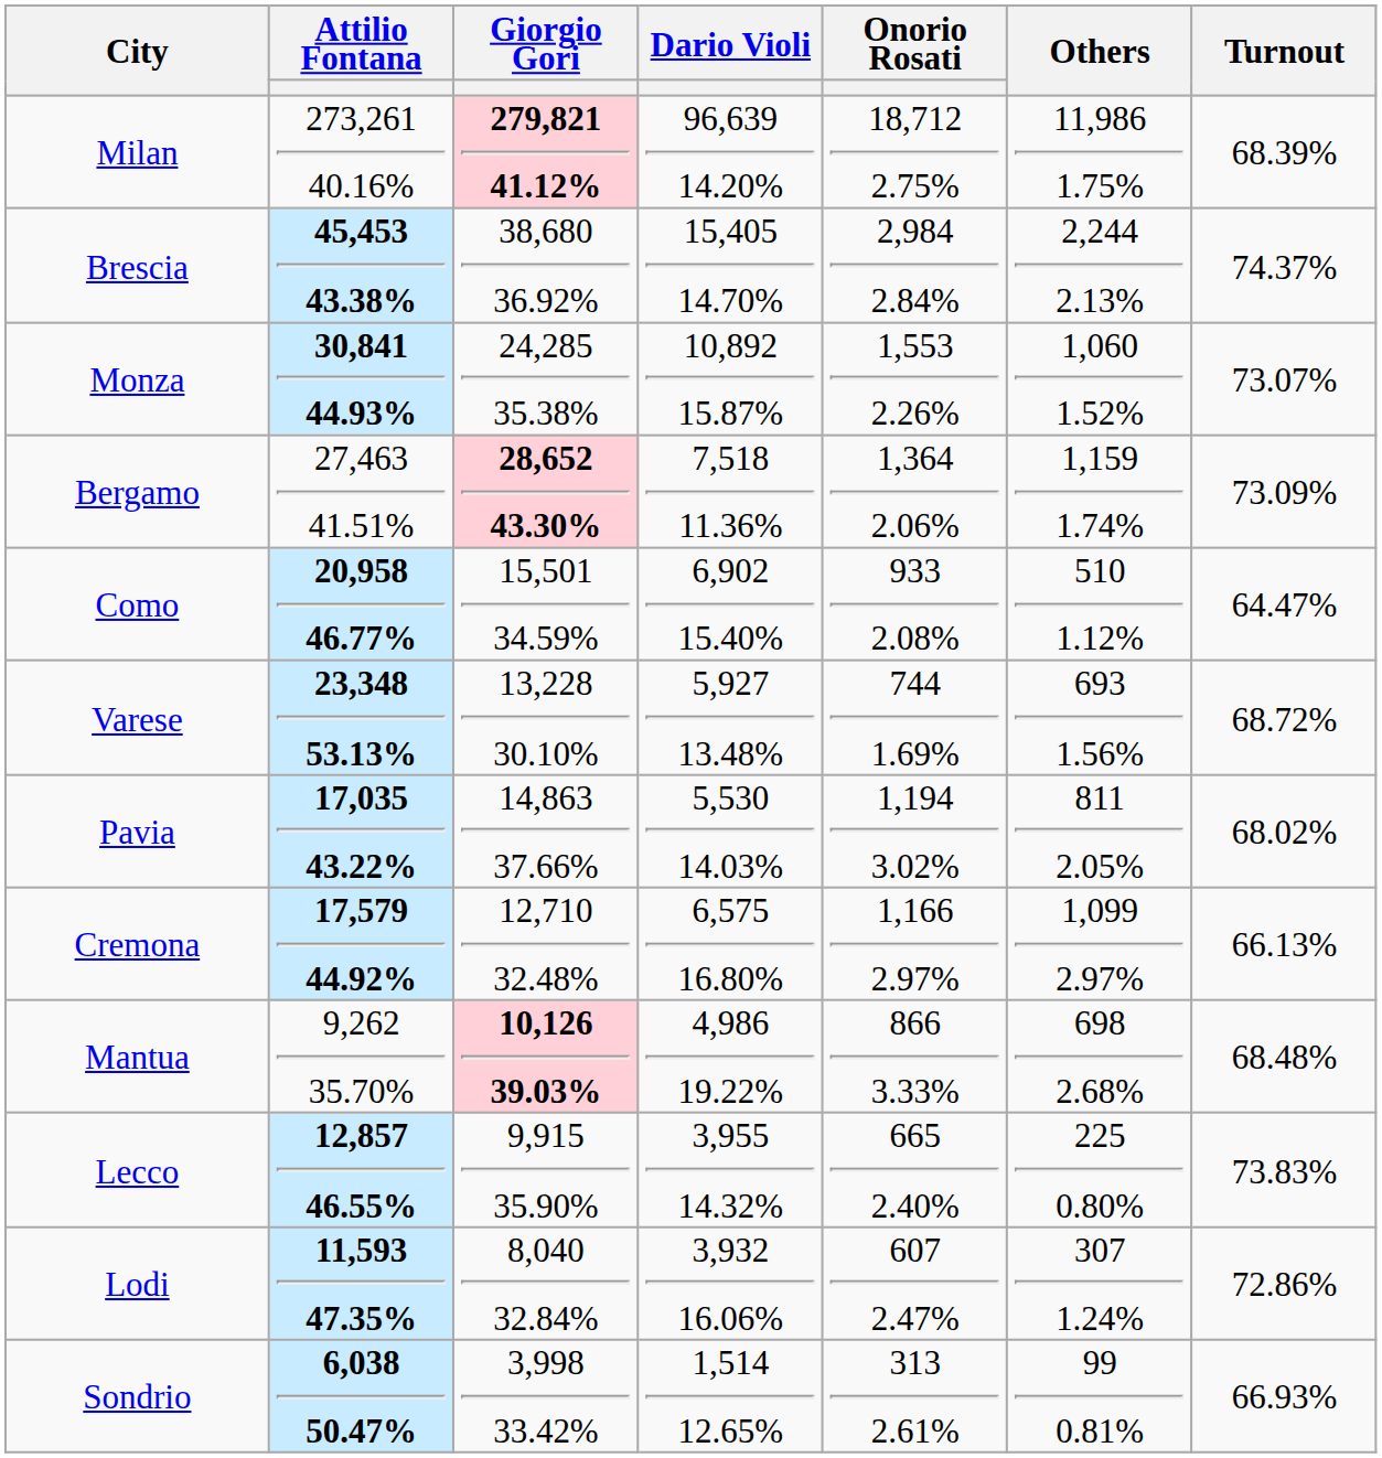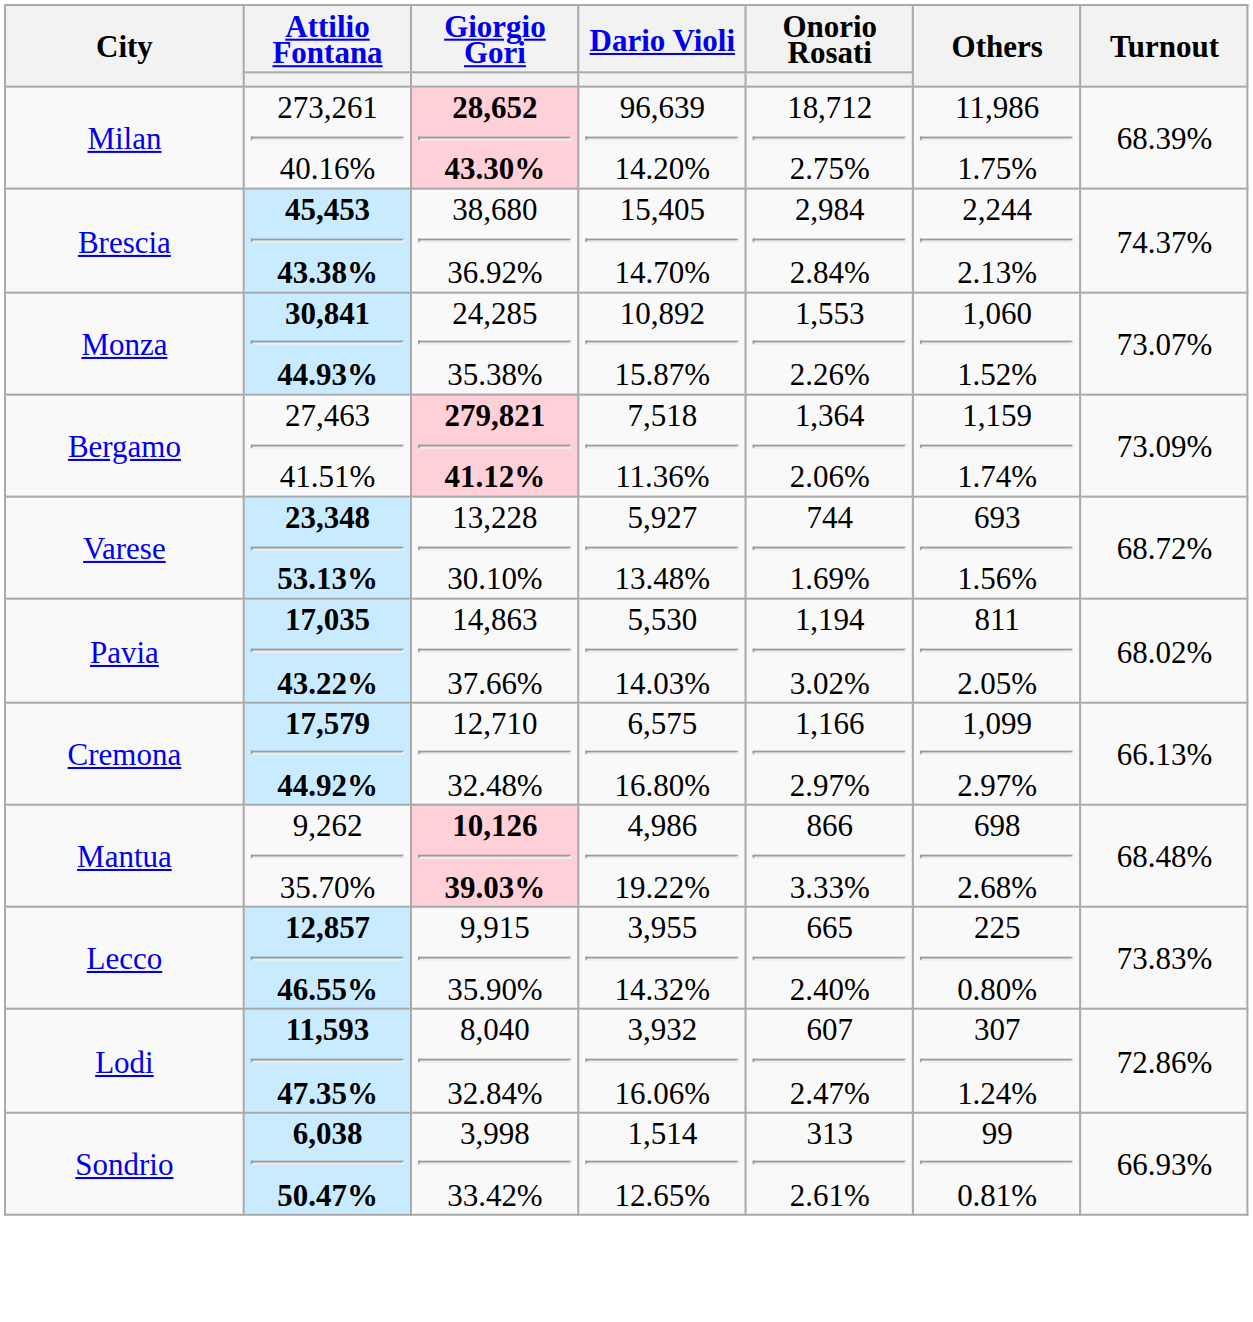 <table class="wikitable" style="text-align:center;font-size:95%;line-height:13px">
 <tr style="height:30px; background-color:#E9E9E9">
 <th style="width:110px;" rowspan="2">City</th>
 <th style="width:75px;"><a href='#'>Attilio Fontana</a></th>
 <th style="width:75px;"><a href='#'>Giorgio Gori</a></th>
 <th style="width:75px;"><a href='#'>Dario Violi</a></th>
 <th style="width:75px;">Onorio Rosati</th>
 <th rowspan="2" style="width:75px;">Others</th>
 <th rowspan="2" style="width:75px;">Turnout</th>
 </tr>
 <tr>
 <th style="background:"></th>
 <th style="background:"></th>
 <th style="background:"></th>
 <th style="background:"></th>
 </tr>
 <tr>
 <td><a href='#'>Milan</a></td>
 <td>273,261 <hr>40.16%</td>
-<td style="background:#FFD0D7"><strong>279,821 <hr>41.12%</strong></td>
+<td style="background:#FFD0D7"><strong>28,652 <hr>43.30%</strong></td>
 <td>96,639 <hr>14.20%</td>
 <td>18,712 <hr>2.75%</td>
 <td>11,986 <hr>1.75%</td>
 <td>68.39%</td>
 </tr>
 <tr>
 <td><a href='#'>Brescia</a></td>
 <td style="background:#C8EBFF"><strong>45,453 <hr>43.38%</strong></td>
 <td>38,680 <hr>36.92%</td>
 <td>15,405 <hr>14.70%</td>
 <td>2,984 <hr>2.84%</td>
 <td>2,244 <hr>2.13%</td>
 <td>74.37%</td>
 </tr>
 <tr>
 <td><a href='#'>Monza</a></td>
 <td style="background:#C8EBFF"><strong>30,841 <hr>44.93%</strong></td>
 <td>24,285 <hr>35.38%</td>
 <td>10,892 <hr>15.87%</td>
 <td>1,553 <hr>2.26%</td>
 <td>1,060 <hr>1.52%</td>
 <td>73.07%</td>
 </tr>
 <tr>
 <td><a href='#'>Bergamo</a></td>
 <td>27,463 <hr>41.51%</td>
-<td style="background:#FFD0D7"><strong>28,652 <hr>43.30%</strong></td>
+<td style="background:#FFD0D7"><strong>279,821 <hr>41.12%</strong></td>
 <td>7,518 <hr>11.36%</td>
 <td>1,364 <hr>2.06%</td>
 <td>1,159 <hr>1.74%</td>
 <td>73.09%</td>
-</tr>
-<tr>
-<td><a href='#'>Como</a></td>
-<td style="background:#C8EBFF"><strong>20,958 <hr>46.77%</strong></td>
-<td>15,501 <hr>34.59%</td>
-<td>6,902 <hr>15.40%</td>
-<td>933 <hr>2.08%</td>
-<td>510 <hr>1.12%</td>
-<td>64.47%</td>
 </tr>
 <tr>
 <td><a href='#'>Varese</a></td>
 <td style="background:#C8EBFF"><strong>23,348 <hr>53.13%</strong></td>
 <td>13,228 <hr>30.10%</td>
 <td>5,927 <hr>13.48%</td>
 <td>744 <hr>1.69%</td>
 <td>693 <hr>1.56%</td>
 <td>68.72%</td>
 </tr>
 <tr>
 <td><a href='#'>Pavia</a></td>
 <td style="background:#C8EBFF"><strong>17,035 <hr>43.22%</strong></td>
 <td>14,863 <hr>37.66%</td>
 <td>5,530 <hr>14.03%</td>
 <td>1,194 <hr>3.02%</td>
 <td>811 <hr>2.05%</td>
 <td>68.02%</td>
 </tr>
 <tr>
 <td><a href='#'>Cremona</a></td>
 <td style="background:#C8EBFF"><strong>17,579 <hr>44.92%</strong></td>
 <td>12,710 <hr>32.48%</td>
 <td>6,575 <hr>16.80%</td>
 <td>1,166 <hr>2.97%</td>
 <td>1,099 <hr>2.97%</td>
 <td>66.13%</td>
 </tr>
 <tr>
 <td><a href='#'>Mantua</a></td>
 <td>9,262 <hr>35.70%</td>
 <td style="background:#FFD0D7"><strong>10,126 <hr>39.03%</strong></td>
 <td>4,986 <hr>19.22%</td>
 <td>866 <hr>3.33%</td>
 <td>698 <hr>2.68%</td>
 <td>68.48%</td>
 </tr>
 <tr>
 <td><a href='#'>Lecco</a></td>
 <td style="background:#C8EBFF"><strong>12,857 <hr>46.55%</strong></td>
 <td>9,915 <hr>35.90%</td>
 <td>3,955 <hr>14.32%</td>
 <td>665 <hr>2.40%</td>
 <td>225 <hr>0.80%</td>
 <td>73.83%</td>
 </tr>
 <tr>
 <td><a href='#'>Lodi</a></td>
 <td style="background:#C8EBFF"><strong>11,593 <hr>47.35%</strong></td>
 <td>8,040 <hr>32.84%</td>
 <td>3,932 <hr>16.06%</td>
 <td>607 <hr>2.47%</td>
 <td>307 <hr>1.24%</td>
 <td>72.86%</td>
 </tr>
 <tr>
 <td><a href='#'>Sondrio</a></td>
 <td style="background:#C8EBFF"><strong>6,038 <hr>50.47%</strong></td>
 <td>3,998 <hr>33.42%</td>
 <td>1,514 <hr>12.65%</td>
 <td>313 <hr>2.61%</td>
 <td>99 <hr>0.81%</td>
 <td>66.93%</td>
 </tr>
 </table>
